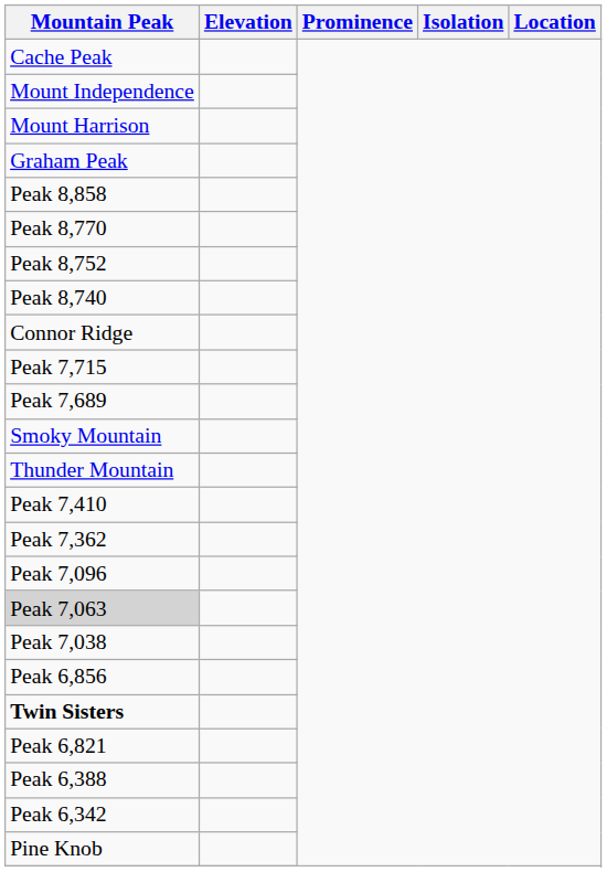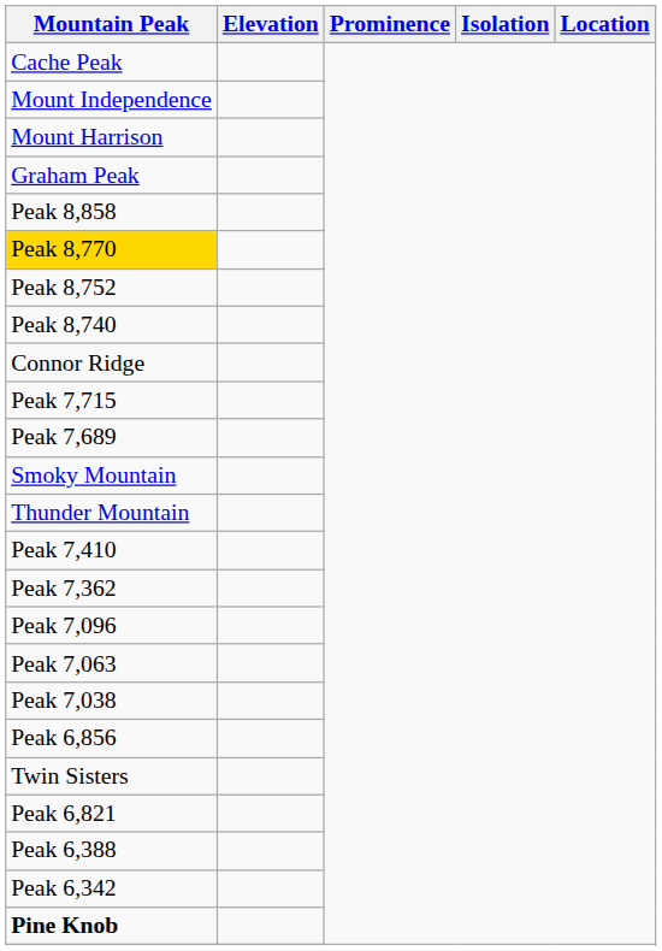 <table class="wikitable sortable">
 <tr>
 <th><a href='#'>Mountain Peak</a></th>
 <th><a href='#'>Elevation</a></th>
 <th><a href='#'>Prominence</a></th>
 <th><a href='#'>Isolation</a></th>
 <th><a href='#'>Location</a></th>
 </tr>
 <tr>
 <td><a href='#'>Cache Peak</a><br></td>
 <td></td>
 </tr>
 <tr>
 <td><a href='#'>Mount Independence</a><br></td>
 <td></td>
 </tr>
 <tr>
 <td><a href='#'>Mount Harrison</a><br></td>
 <td></td>
 </tr>
 <tr>
 <td><a href='#'>Graham Peak</a><br></td>
 <td></td>
 </tr>
 <tr>
 <td>Peak 8,858<br></td>
 <td></td>
 </tr>
 <tr>
-<td>Peak 8,770<br></td>
+<td style="background: gold;">Peak 8,770<br></td>
 <td></td>
 </tr>
 <tr>
 <td>Peak 8,752<br></td>
 <td></td>
 </tr>
 <tr>
 <td>Peak 8,740<br></td>
 <td></td>
 </tr>
 <tr>
 <td>Connor Ridge<br></td>
 <td></td>
 </tr>
 <tr>
 <td>Peak 7,715<br></td>
 <td></td>
 </tr>
 <tr>
 <td>Peak 7,689<br></td>
 <td></td>
 </tr>
 <tr>
 <td><a href='#'>Smoky Mountain</a><br></td>
 <td></td>
 </tr>
 <tr>
 <td><a href='#'>Thunder Mountain</a><br></td>
 <td></td>
 </tr>
 <tr>
 <td>Peak 7,410<br></td>
 <td></td>
 </tr>
 <tr>
 <td>Peak 7,362<br></td>
 <td></td>
 </tr>
 <tr>
 <td>Peak 7,096<br></td>
 <td></td>
 </tr>
 <tr>
-<td style="background: lightgrey;">Peak 7,063<br></td>
+<td>Peak 7,063<br></td>
 <td></td>
 </tr>
 <tr>
 <td>Peak 7,038<br></td>
 <td></td>
 </tr>
 <tr>
 <td>Peak 6,856<br></td>
 <td></td>
 </tr>
 <tr>
-<td><strong>Twin Sisters<br></strong></td>
+<td>Twin Sisters<br></td>
 <td></td>
 </tr>
 <tr>
 <td>Peak 6,821<br></td>
 <td></td>
 </tr>
 <tr>
 <td>Peak 6,388<br></td>
 <td></td>
 </tr>
 <tr>
 <td>Peak 6,342<br></td>
 <td></td>
 </tr>
 <tr>
-<td>Pine Knob<br></td>
+<td><strong>Pine Knob<br></strong></td>
 <td></td>
 </tr>
 <tr>
 </tr>
 </table>
